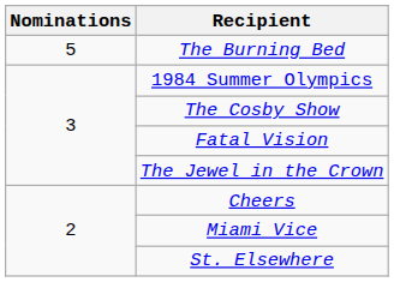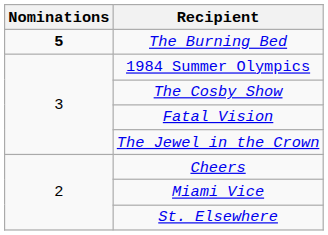 <table class="wikitable sortable" rowspan="2" style="text-align:center;" background: #f6e39c;>
 <tr>
 <th scope="col" style="width:55px;">Nominations</th>
 <th scope="col" style="text-align:center;">Recipient</th>
 </tr>
 <tr>
-<td rowspan="1" style="text-align:center">5</td>
+<td rowspan="1" style="text-align:center"><strong>5</strong></td>
 <td><em><a href='#'>The Burning Bed</a></em></td>
 </tr>
 <tr>
 <td rowspan="4" style="text-align:center">3</td>
 <td><a href='#'>1984 Summer Olympics</a></td>
 </tr>
 <tr>
 <td><em><a href='#'>The Cosby Show</a></em></td>
 </tr>
 <tr>
 <td><em><a href='#'>Fatal Vision</a></em></td>
 </tr>
 <tr>
 <td><em><a href='#'>The Jewel in the Crown</a></em></td>
 </tr>
 <tr>
 <td rowspan="3" style="text-align:center">2</td>
 <td><em><a href='#'>Cheers</a></em></td>
 </tr>
 <tr>
 <td><em><a href='#'>Miami Vice</a></em></td>
 </tr>
 <tr>
 <td><em><a href='#'>St. Elsewhere</a></em></td>
 </tr>
 </table>
